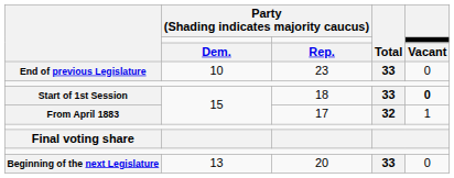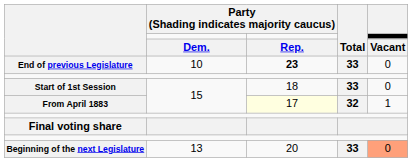 <table class=wikitable style="text-align:center">
 <tr style="vertical-align:bottom;">
 <th rowspan=3></th>
 <th colspan=2>Party <div>(Shading indicates majority caucus)</div></th>
 <th rowspan=3>Total</th>
 <th></th>
 </tr>
 <tr style="height:5px">
 <td style="background-color:"></td>
 <td style="background-color:"></td>
 <td style="background:black;"></td>
 </tr>
 <tr>
 <th><a href='#'>Dem.</a></th>
 <th><a href='#'>Rep.</a></th>
 <th>Vacant</th>
 </tr>
 <tr>
 <th style="font-size:80%;">End of <a href='#'>previous Legislature</a></th>
 <td>10</td>
-<td>23</td>
+<td><strong>23</strong></td>
 <th>33</th>
 <td>0</td>
 </tr>
 <tr>
 <td colspan=6></td>
 </tr>
 <tr>
 <th style="font-size:80%;">Start of 1st Session</th>
 <td rowspan="2">15</td>
 <td>18</td>
 <th>33</th>
-<td><strong>0</strong></td>
+<td>0</td>
 </tr>
 <tr>
 <th style="font-size:80%;">From April 1883</th>
-<td>17</td>
+<td style="background: lightyellow;">17</td>
 <th>32</th>
 <td>1</td>
 </tr>
 <tr>
 <td colspan=6></td>
 </tr>
 <tr>
 <th>Final voting share</th>
 <th></th>
 <th></th>
 <th colspan=2></th>
 </tr>
 <tr>
 <td colspan=6></td>
 </tr>
 <tr>
 <th style="font-size:80%;">Beginning of the <a href='#'>next Legislature</a></th>
 <td>13</td>
 <td>20</td>
 <th>33</th>
-<td>0</td>
+<td style="background: lightsalmon;">0</td>
 </tr>
 </table>
